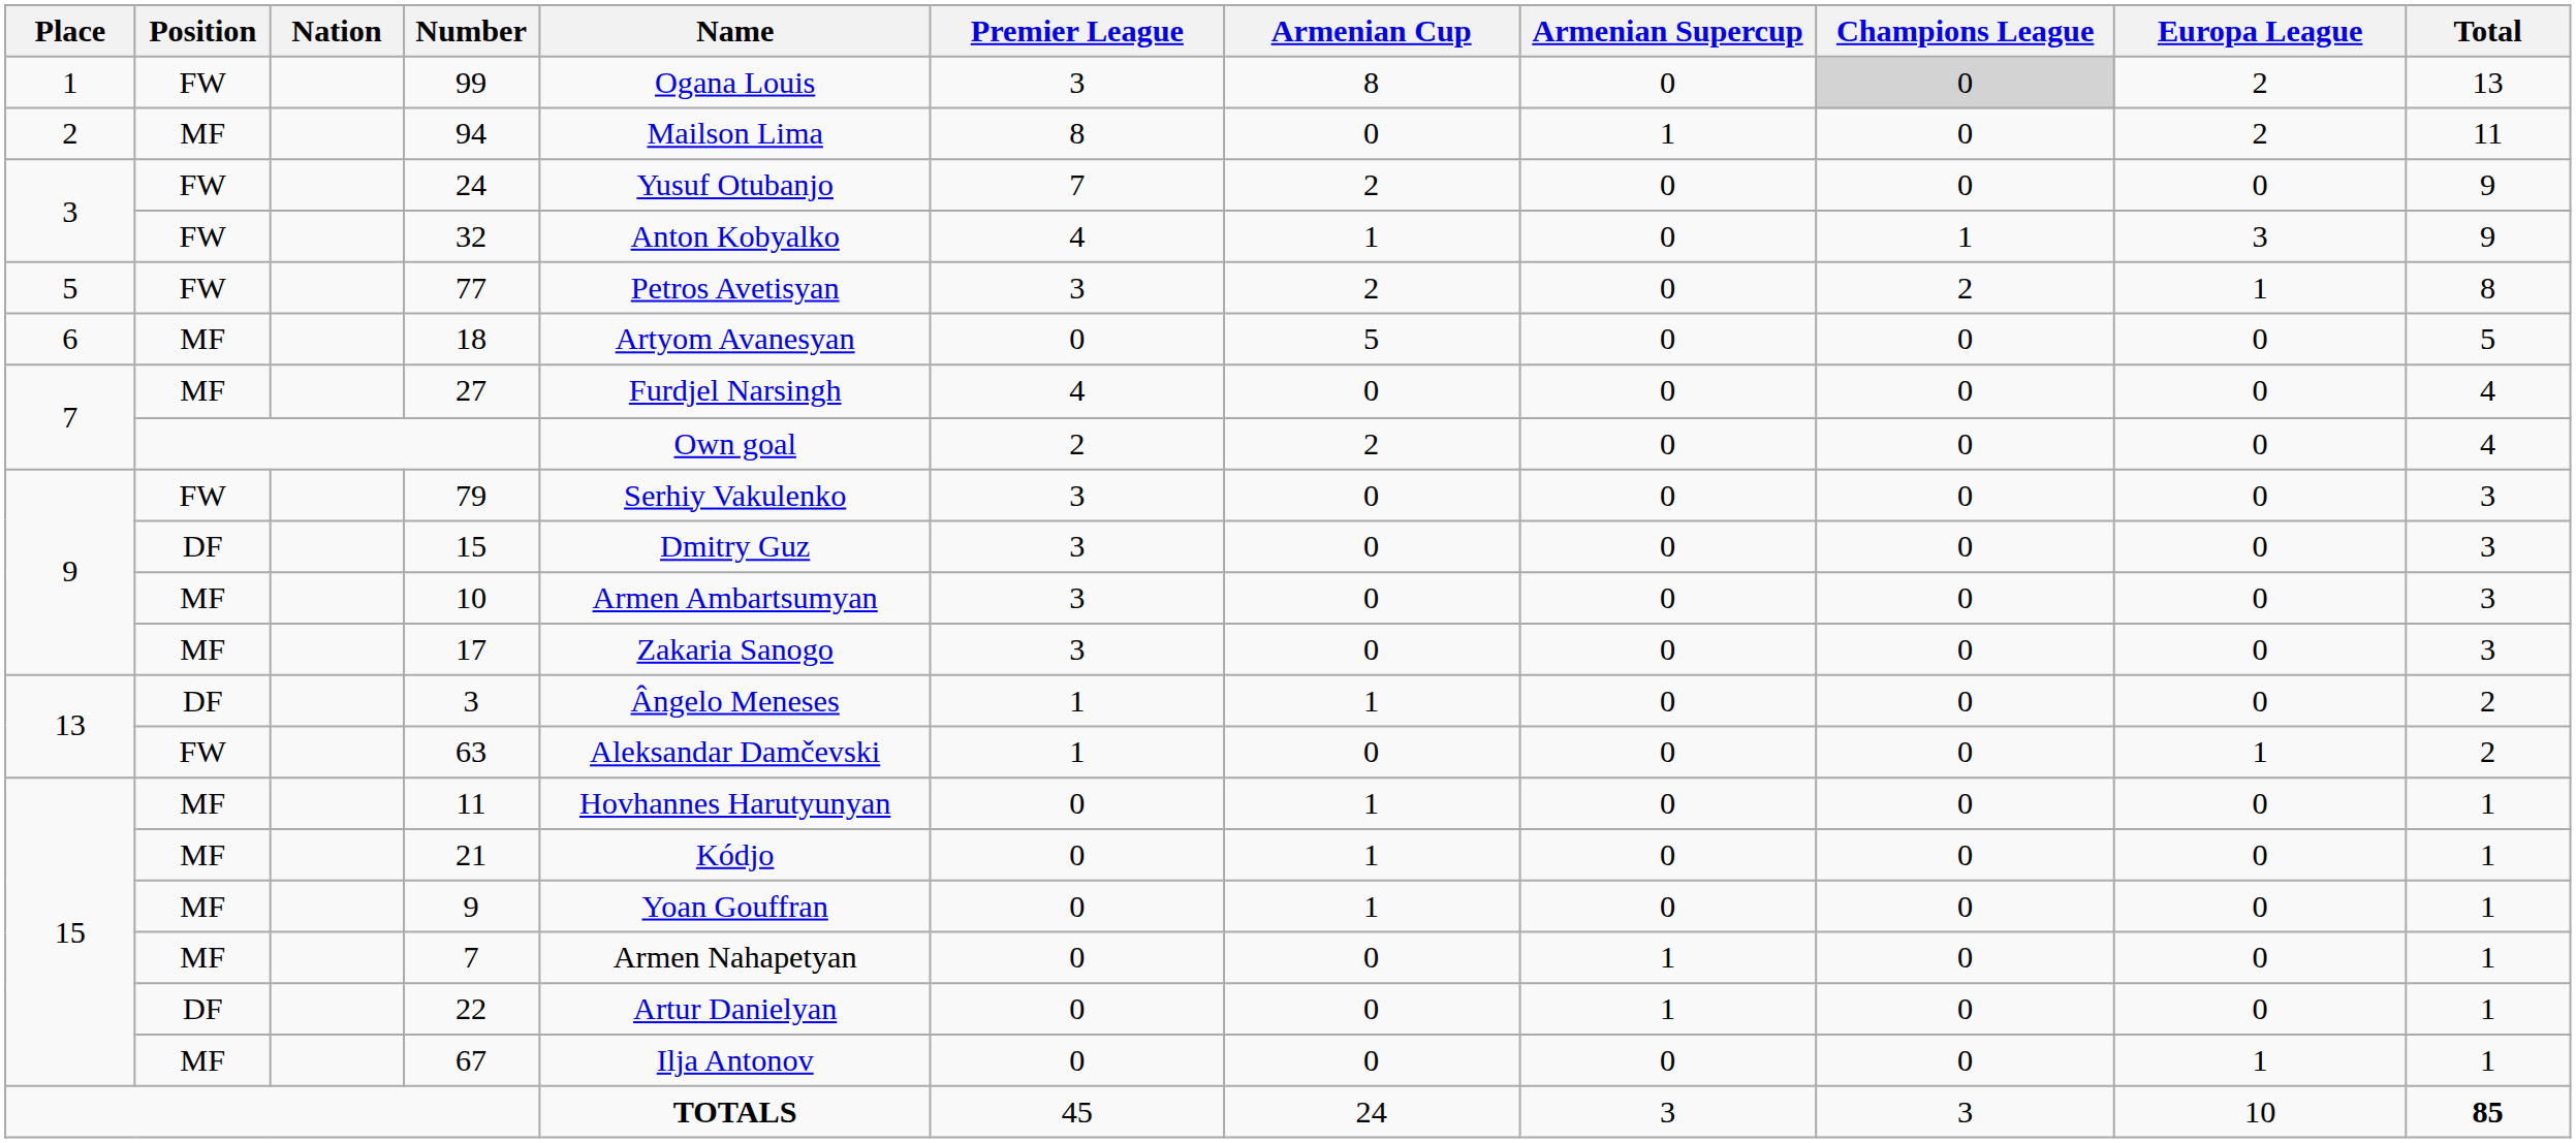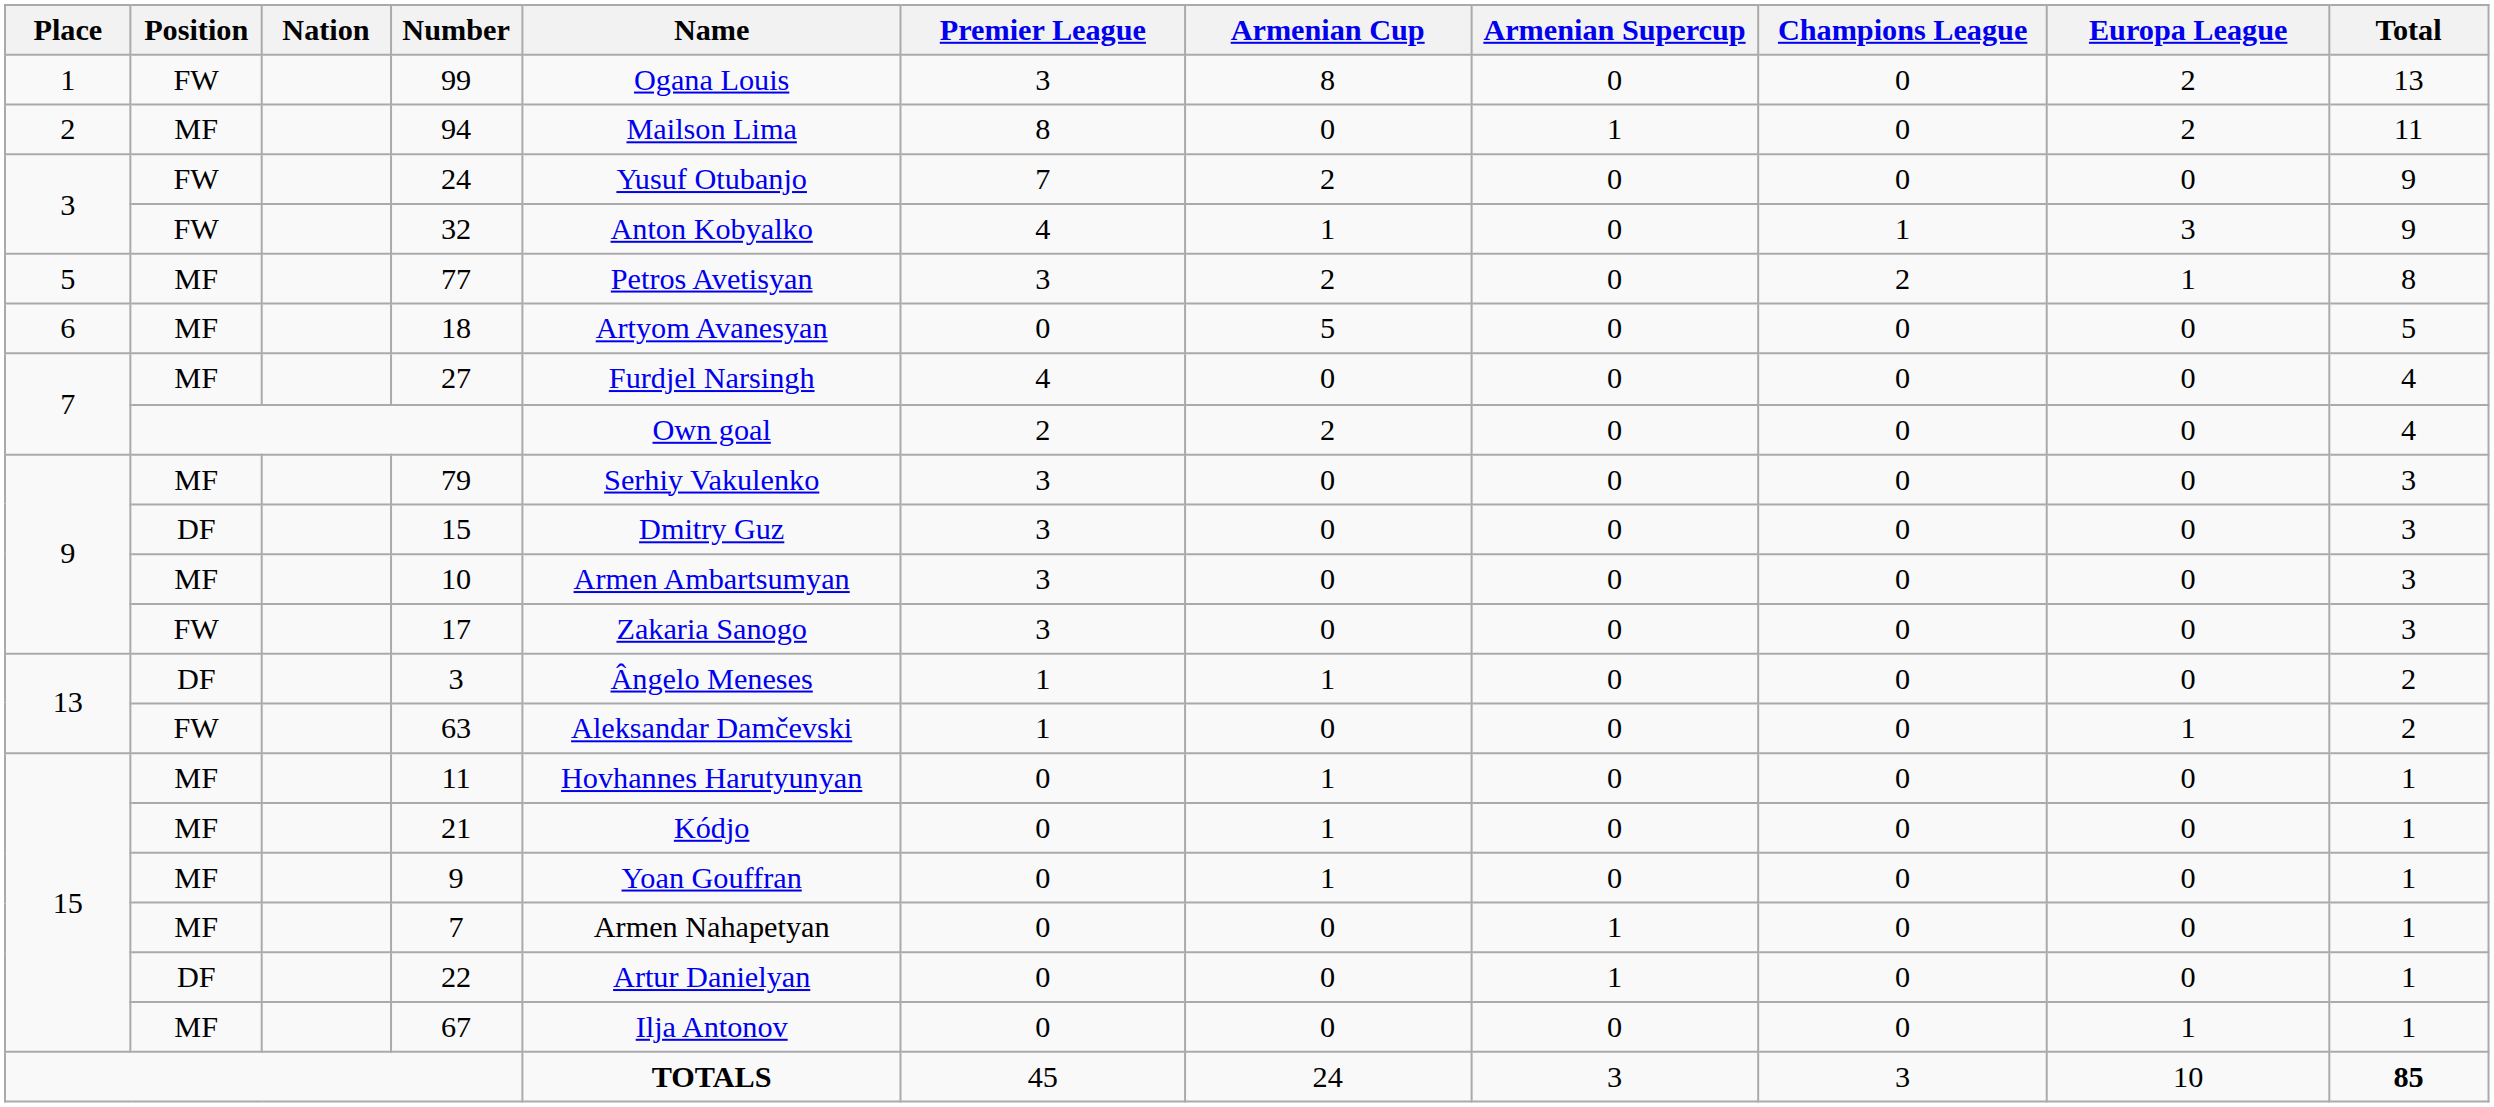 <table class="wikitable" style="font-size: 95%; text-align: center;">
 <tr>
 <th width=60>Place</th>
 <th width=60>Position</th>
 <th width=60>Nation</th>
 <th width=60>Number</th>
 <th width=200>Name</th>
 <th width=150><a href='#'>Premier League</a></th>
 <th width=150><a href='#'>Armenian Cup</a></th>
 <th width=150><a href='#'>Armenian Supercup</a></th>
 <th width=150><a href='#'>Champions League</a></th>
 <th width=150><a href='#'>Europa League</a></th>
 <th width=80><strong>Total</strong></th>
 </tr>
 <tr>
 <td>1</td>
 <td>FW</td>
 <td></td>
 <td>99</td>
 <td><a href='#'>Ogana Louis</a></td>
 <td>3</td>
 <td>8</td>
 <td>0</td>
-<td style="background: lightgrey;">0</td>
+<td>0</td>
 <td>2</td>
 <td>13</td>
 </tr>
 <tr>
 <td>2</td>
 <td>MF</td>
 <td></td>
 <td>94</td>
 <td><a href='#'>Mailson Lima</a></td>
 <td>8</td>
 <td>0</td>
 <td>1</td>
 <td>0</td>
 <td>2</td>
 <td>11</td>
 </tr>
 <tr>
 <td rowspan="2'">3</td>
 <td>FW</td>
 <td></td>
 <td>24</td>
 <td><a href='#'>Yusuf Otubanjo</a></td>
 <td>7</td>
 <td>2</td>
 <td>0</td>
 <td>0</td>
 <td>0</td>
 <td>9</td>
 </tr>
 <tr>
 <td>FW</td>
 <td></td>
 <td>32</td>
 <td><a href='#'>Anton Kobyalko</a></td>
 <td>4</td>
 <td>1</td>
 <td>0</td>
 <td>1</td>
 <td>3</td>
 <td>9</td>
 </tr>
 <tr>
 <td>5</td>
-<td>FW</td>
+<td>MF</td>
 <td></td>
 <td>77</td>
 <td><a href='#'>Petros Avetisyan</a></td>
 <td>3</td>
 <td>2</td>
 <td>0</td>
 <td>2</td>
 <td>1</td>
 <td>8</td>
 </tr>
 <tr>
 <td>6</td>
 <td>MF</td>
 <td></td>
 <td>18</td>
 <td><a href='#'>Artyom Avanesyan</a></td>
 <td>0</td>
 <td>5</td>
 <td>0</td>
 <td>0</td>
 <td>0</td>
 <td>5</td>
 </tr>
 <tr>
 <td rowspan="2'">7</td>
 <td>MF</td>
 <td></td>
 <td>27</td>
 <td><a href='#'>Furdjel Narsingh</a></td>
 <td>4</td>
 <td>0</td>
 <td>0</td>
 <td>0</td>
 <td>0</td>
 <td>4</td>
 </tr>
 <tr>
 <td colspan="3"></td>
 <td><a href='#'>Own goal</a></td>
 <td>2</td>
 <td>2</td>
 <td>0</td>
 <td>0</td>
 <td>0</td>
 <td>4</td>
 </tr>
 <tr>
 <td rowspan="4'">9</td>
-<td>FW</td>
+<td>MF</td>
 <td></td>
 <td>79</td>
 <td><a href='#'>Serhiy Vakulenko</a></td>
 <td>3</td>
 <td>0</td>
 <td>0</td>
 <td>0</td>
 <td>0</td>
 <td>3</td>
 </tr>
 <tr>
 <td>DF</td>
 <td></td>
 <td>15</td>
 <td><a href='#'>Dmitry Guz</a></td>
 <td>3</td>
 <td>0</td>
 <td>0</td>
 <td>0</td>
 <td>0</td>
 <td>3</td>
 </tr>
 <tr>
 <td>MF</td>
 <td></td>
 <td>10</td>
 <td><a href='#'>Armen Ambartsumyan</a></td>
 <td>3</td>
 <td>0</td>
 <td>0</td>
 <td>0</td>
 <td>0</td>
 <td>3</td>
 </tr>
 <tr>
-<td>MF</td>
+<td>FW</td>
 <td></td>
 <td>17</td>
 <td><a href='#'>Zakaria Sanogo</a></td>
 <td>3</td>
 <td>0</td>
 <td>0</td>
 <td>0</td>
 <td>0</td>
 <td>3</td>
 </tr>
 <tr>
 <td rowspan="2'">13</td>
 <td>DF</td>
 <td></td>
 <td>3</td>
 <td><a href='#'>Ângelo Meneses</a></td>
 <td>1</td>
 <td>1</td>
 <td>0</td>
 <td>0</td>
 <td>0</td>
 <td>2</td>
 </tr>
 <tr>
 <td>FW</td>
 <td></td>
 <td>63</td>
 <td><a href='#'>Aleksandar Damčevski</a></td>
 <td>1</td>
 <td>0</td>
 <td>0</td>
 <td>0</td>
 <td>1</td>
 <td>2</td>
 </tr>
 <tr>
 <td rowspan="6'">15</td>
 <td>MF</td>
 <td></td>
 <td>11</td>
 <td><a href='#'>Hovhannes Harutyunyan</a></td>
 <td>0</td>
 <td>1</td>
 <td>0</td>
 <td>0</td>
 <td>0</td>
 <td>1</td>
 </tr>
 <tr>
 <td>MF</td>
 <td></td>
 <td>21</td>
 <td><a href='#'>Kódjo</a></td>
 <td>0</td>
 <td>1</td>
 <td>0</td>
 <td>0</td>
 <td>0</td>
 <td>1</td>
 </tr>
 <tr>
 <td>MF</td>
 <td></td>
 <td>9</td>
 <td><a href='#'>Yoan Gouffran</a></td>
 <td>0</td>
 <td>1</td>
 <td>0</td>
 <td>0</td>
 <td>0</td>
 <td>1</td>
 </tr>
 <tr>
 <td>MF</td>
 <td></td>
 <td>7</td>
 <td>Armen Nahapetyan</td>
 <td>0</td>
 <td>0</td>
 <td>1</td>
 <td>0</td>
 <td>0</td>
 <td>1</td>
 </tr>
 <tr>
 <td>DF</td>
 <td></td>
 <td>22</td>
 <td><a href='#'>Artur Danielyan</a></td>
 <td>0</td>
 <td>0</td>
 <td>1</td>
 <td>0</td>
 <td>0</td>
 <td>1</td>
 </tr>
 <tr>
 <td>MF</td>
 <td></td>
 <td>67</td>
 <td><a href='#'>Ilja Antonov</a></td>
 <td>0</td>
 <td>0</td>
 <td>0</td>
 <td>0</td>
 <td>1</td>
 <td>1</td>
 </tr>
 <tr>
 <td colspan="4"></td>
 <td><strong>TOTALS</strong></td>
 <td>45</td>
 <td>24</td>
 <td>3</td>
 <td>3</td>
 <td>10</td>
 <td><strong>85</strong></td>
 </tr>
 </table>
